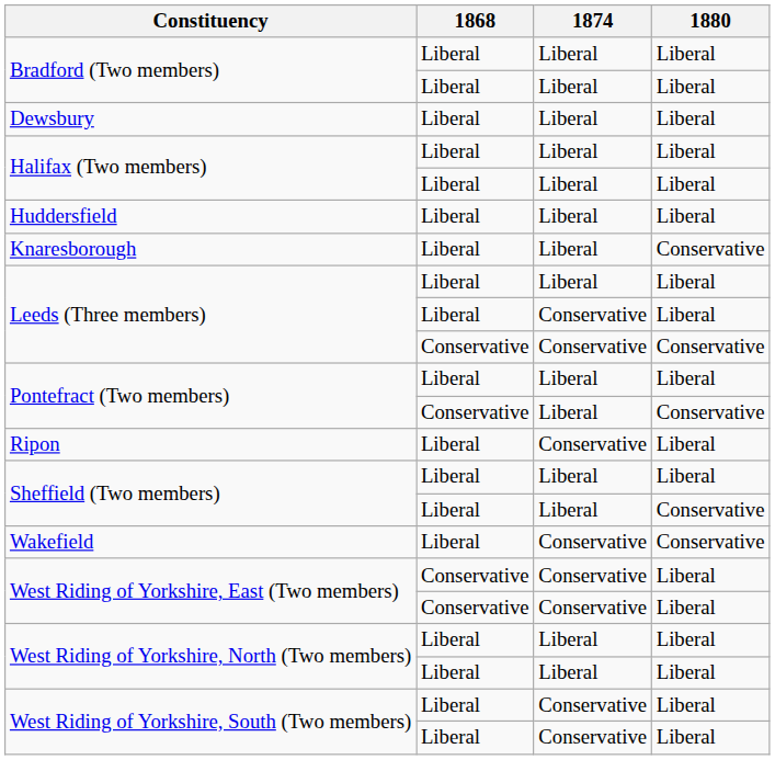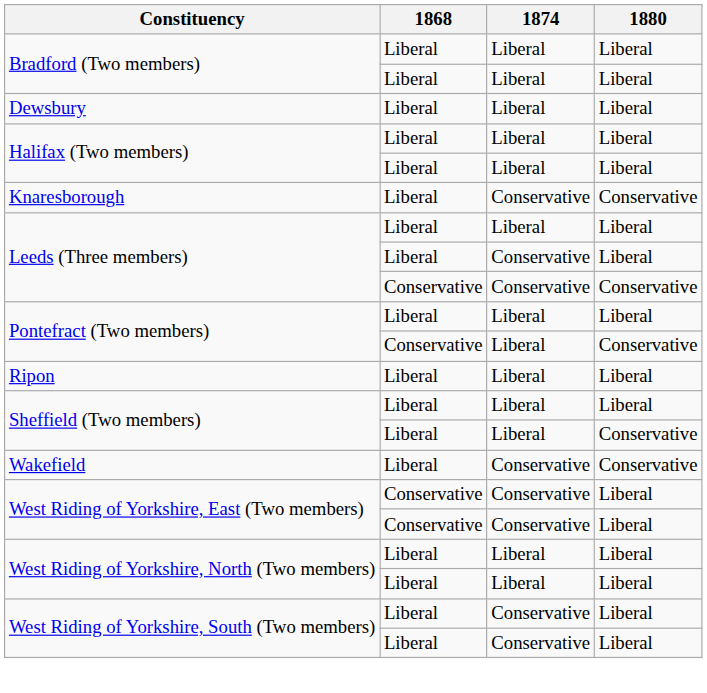 <table class="wikitable">
 <tr>
 <th>Constituency</th>
 <th>1868</th>
 <th>1874</th>
 <th>1880</th>
 </tr>
 <tr>
 <td rowspan="2"><a href='#'>Bradford</a> (Two members)</td>
 <td>Liberal</td>
 <td>Liberal</td>
 <td>Liberal</td>
 </tr>
 <tr>
 <td>Liberal</td>
 <td>Liberal</td>
 <td>Liberal</td>
 </tr>
 <tr>
 <td><a href='#'>Dewsbury</a></td>
 <td>Liberal</td>
 <td>Liberal</td>
 <td>Liberal</td>
 </tr>
 <tr>
 <td rowspan="2"><a href='#'>Halifax</a> (Two members)</td>
 <td>Liberal</td>
 <td>Liberal</td>
 <td>Liberal</td>
 </tr>
 <tr>
 <td>Liberal</td>
 <td>Liberal</td>
 <td>Liberal</td>
 </tr>
 <tr>
-<td><a href='#'>Huddersfield</a></td>
-<td>Liberal</td>
-<td>Liberal</td>
-<td>Liberal</td>
-</tr>
-<tr>
 <td><a href='#'>Knaresborough</a></td>
 <td>Liberal</td>
-<td>Liberal</td>
+<td>Conservative</td>
 <td>Conservative</td>
 </tr>
 <tr>
 <td rowspan="3"><a href='#'>Leeds</a> (Three members)</td>
 <td>Liberal</td>
 <td>Liberal</td>
 <td>Liberal</td>
 </tr>
 <tr>
 <td>Liberal</td>
 <td>Conservative</td>
 <td>Liberal</td>
 </tr>
 <tr>
 <td>Conservative</td>
 <td>Conservative</td>
 <td>Conservative</td>
 </tr>
 <tr>
 <td rowspan="2"><a href='#'>Pontefract</a> (Two members)</td>
 <td>Liberal</td>
 <td>Liberal</td>
 <td>Liberal</td>
 </tr>
 <tr>
 <td>Conservative</td>
 <td>Liberal</td>
 <td>Conservative</td>
 </tr>
 <tr>
 <td><a href='#'>Ripon</a></td>
 <td>Liberal</td>
-<td>Conservative</td>
+<td>Liberal</td>
 <td>Liberal</td>
 </tr>
 <tr>
 <td rowspan="2"><a href='#'>Sheffield</a> (Two members)</td>
 <td>Liberal</td>
 <td>Liberal</td>
 <td>Liberal</td>
 </tr>
 <tr>
 <td>Liberal</td>
 <td>Liberal</td>
 <td>Conservative</td>
 </tr>
 <tr>
 <td><a href='#'>Wakefield</a></td>
 <td>Liberal</td>
 <td>Conservative</td>
 <td>Conservative</td>
 </tr>
 <tr>
 <td rowspan="2"><a href='#'>West Riding of Yorkshire, East</a> (Two members)</td>
 <td>Conservative</td>
 <td>Conservative</td>
 <td>Liberal</td>
 </tr>
 <tr>
 <td>Conservative</td>
 <td>Conservative</td>
 <td>Liberal</td>
 </tr>
 <tr>
 <td rowspan="2"><a href='#'>West Riding of Yorkshire, North</a> (Two members)</td>
 <td>Liberal</td>
 <td>Liberal</td>
 <td>Liberal</td>
 </tr>
 <tr>
 <td>Liberal</td>
 <td>Liberal</td>
 <td>Liberal</td>
 </tr>
 <tr>
 <td rowspan="2"><a href='#'>West Riding of Yorkshire, South</a> (Two members)</td>
 <td>Liberal</td>
 <td>Conservative</td>
 <td>Liberal</td>
 </tr>
 <tr>
 <td>Liberal</td>
 <td>Conservative</td>
 <td>Liberal</td>
 </tr>
 </table>
